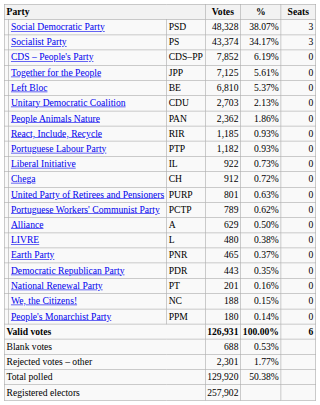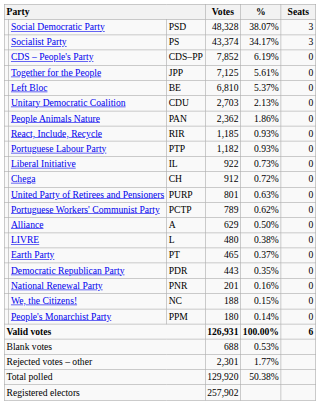 <table class="wikitable" border="1" style="text-align:right;">
 <tr>
 <th style="text-align:left;" colspan=3>Party</th>
 <th align=center width="50">Votes</th>
 <th align=center width="50">%</th>
 <th align=center width="50">Seats</th>
 </tr>
 <tr>
 <td></td>
 <td align=left><a href='#'>Social Democratic Party</a></td>
 <td align=left>PSD</td>
 <td>48,328</td>
 <td>38.07%</td>
 <td>3</td>
 </tr>
 <tr>
 <td></td>
 <td align=left><a href='#'>Socialist Party</a></td>
 <td align=left>PS</td>
 <td>43,374</td>
 <td>34.17%</td>
 <td>3</td>
 </tr>
 <tr>
 <td></td>
 <td align=left><a href='#'>CDS – People's Party</a></td>
 <td align=left style="white-space: nowrap;">CDS–PP</td>
 <td>7,852</td>
 <td>6.19%</td>
 <td>0</td>
 </tr>
 <tr>
 <td></td>
 <td align=left><a href='#'>Together for the People</a></td>
 <td align=left>JPP</td>
 <td>7,125</td>
 <td>5.61%</td>
 <td>0</td>
 </tr>
 <tr>
 <td></td>
 <td align=left><a href='#'>Left Bloc</a></td>
 <td align=left>BE</td>
 <td>6,810</td>
 <td>5.37%</td>
 <td>0</td>
 </tr>
 <tr>
 <td></td>
 <td align=left style="white-space: nowrap;"><a href='#'>Unitary Democratic Coalition</a></td>
 <td align=left>CDU</td>
 <td>2,703</td>
 <td>2.13%</td>
 <td>0</td>
 </tr>
 <tr>
 <td></td>
 <td align=left><a href='#'>People Animals Nature</a></td>
 <td align=left>PAN</td>
 <td>2,362</td>
 <td>1.86%</td>
 <td>0</td>
 </tr>
 <tr>
 <td></td>
 <td align=left><a href='#'>React, Include, Recycle</a></td>
 <td align=left>RIR</td>
 <td>1,185</td>
 <td>0.93%</td>
 <td>0</td>
 </tr>
 <tr>
 <td></td>
 <td align=left><a href='#'>Portuguese Labour Party</a></td>
 <td align=left>PTP</td>
 <td>1,182</td>
 <td>0.93%</td>
 <td>0</td>
 </tr>
 <tr>
 <td></td>
 <td align=left><a href='#'>Liberal Initiative</a></td>
 <td align=left>IL</td>
 <td>922</td>
 <td>0.73%</td>
 <td>0</td>
 </tr>
 <tr>
 <td></td>
 <td align=left><a href='#'>Chega</a></td>
 <td align=left>CH</td>
 <td>912</td>
 <td>0.72%</td>
 <td>0</td>
 </tr>
 <tr>
 <td></td>
 <td align=left><a href='#'>United Party of Retirees and Pensioners</a></td>
 <td align=left>PURP</td>
 <td>801</td>
 <td>0.63%</td>
 <td>0</td>
 </tr>
 <tr>
 <td></td>
 <td align=left><a href='#'>Portuguese Workers' Communist Party</a></td>
 <td align=left>PCTP</td>
 <td>789</td>
 <td>0.62%</td>
 <td>0</td>
 </tr>
 <tr>
 <td></td>
 <td align=left><a href='#'>Alliance</a></td>
 <td align=left>A</td>
 <td>629</td>
 <td>0.50%</td>
 <td>0</td>
 </tr>
 <tr>
 <td></td>
 <td align=left><a href='#'>LIVRE</a></td>
 <td align=left>L</td>
 <td>480</td>
 <td>0.38%</td>
 <td>0</td>
 </tr>
 <tr>
 <td></td>
 <td align=left><a href='#'>Earth Party</a></td>
-<td align=left>PNR</td>
+<td align=left>PT</td>
 <td>465</td>
 <td>0.37%</td>
 <td>0</td>
 </tr>
 <tr>
 <td></td>
 <td align=left><a href='#'>Democratic Republican Party</a></td>
 <td align=left>PDR</td>
 <td>443</td>
 <td>0.35%</td>
 <td>0</td>
 </tr>
 <tr>
 <td></td>
 <td align=left><a href='#'>National Renewal Party</a></td>
-<td align=left>PT</td>
+<td align=left>PNR</td>
 <td>201</td>
 <td>0.16%</td>
 <td>0</td>
 </tr>
 <tr>
 <td></td>
 <td align=left><a href='#'>We, the Citizens!</a></td>
 <td align=left>NC</td>
 <td>188</td>
 <td>0.15%</td>
 <td>0</td>
 </tr>
 <tr>
 <td></td>
 <td align=left><a href='#'>People's Monarchist Party</a></td>
 <td align=left>PPM</td>
 <td>180</td>
 <td>0.14%</td>
 <td>0</td>
 </tr>
 <tr style="font-weight:bold">
 <td align=left colspan=3>Valid votes</td>
 <td>126,931</td>
 <td>100.00%</td>
 <td>6</td>
 </tr>
 <tr>
 <td align=left colspan=3>Blank votes</td>
 <td>688</td>
 <td>0.53%</td>
 <td></td>
 </tr>
 <tr>
 <td align=left colspan=3>Rejected votes – other</td>
 <td>2,301</td>
 <td>1.77%</td>
 <td></td>
 </tr>
 <tr>
 <td align=left colspan=3>Total polled</td>
 <td>129,920</td>
 <td>50.38%</td>
 <td></td>
 </tr>
 <tr>
 <td align=left colspan=3>Registered electors</td>
 <td>257,902</td>
 <td></td>
 <td></td>
 </tr>
 </table>
